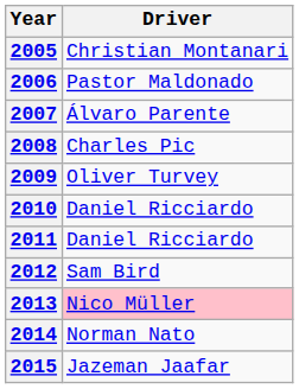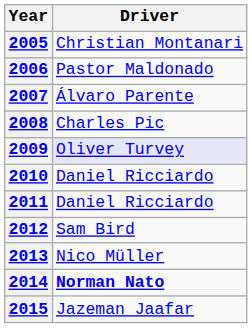 <table class="wikitable" style="font-size: 95%;">
 <tr>
 <th>Year</th>
 <th>Driver</th>
 </tr>
 <tr>
 <th><a href='#'>2005</a></th>
 <td> <a href='#'>Christian Montanari</a></td>
 </tr>
 <tr>
 <th><a href='#'>2006</a></th>
 <td> <a href='#'>Pastor Maldonado</a></td>
 </tr>
 <tr>
 <th><a href='#'>2007</a></th>
 <td> <a href='#'>Álvaro Parente</a></td>
 </tr>
 <tr>
 <th><a href='#'>2008</a></th>
 <td> <a href='#'>Charles Pic</a></td>
 </tr>
 <tr>
 <th><a href='#'>2009</a></th>
-<td> <a href='#'>Oliver Turvey</a></td>
+<td style="background: lavender;"> <a href='#'>Oliver Turvey</a></td>
 </tr>
 <tr>
 <th><a href='#'>2010</a></th>
 <td> <a href='#'>Daniel Ricciardo</a></td>
 </tr>
 <tr>
 <th><a href='#'>2011</a></th>
 <td> <a href='#'>Daniel Ricciardo</a></td>
 </tr>
 <tr>
 <th><a href='#'>2012</a></th>
 <td> <a href='#'>Sam Bird</a></td>
 </tr>
 <tr>
 <th><a href='#'>2013</a></th>
-<td style="background: pink;"> <a href='#'>Nico Müller</a></td>
+<td> <a href='#'>Nico Müller</a></td>
 </tr>
 <tr>
 <th><a href='#'>2014</a></th>
-<td> <a href='#'>Norman Nato</a></td>
+<td><strong> <a href='#'>Norman Nato</a></strong></td>
 </tr>
 <tr>
 <th><a href='#'>2015</a></th>
 <td> <a href='#'>Jazeman Jaafar</a></td>
 </tr>
 </table>
